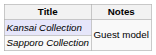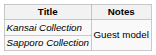 <table class="wikitable">
 <tr>
 <th>Title</th>
 <th>Notes</th>
 </tr>
 <tr>
-<td style="background: lavender;"><em>Kansai Collection</em></td>
+<td><em>Kansai Collection</em></td>
 <td rowspan="2">Guest model</td>
 </tr>
 <tr>
 <td><em>Sapporo Collection</em></td>
 </tr>
 </table>
